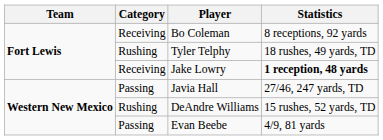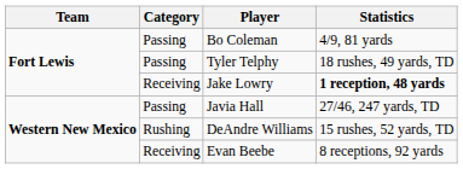 <table class="wikitable" style="float: left;">
 <tr>
 <th>Team</th>
 <th>Category</th>
 <th>Player</th>
 <th>Statistics</th>
 </tr>
 <tr>
 <td rowspan=3><strong>Fort Lewis</strong></td>
-<td>Receiving</td>
+<td>Passing</td>
 <td>Bo Coleman</td>
-<td>8 receptions, 92 yards</td>
+<td>4/9, 81 yards</td>
 </tr>
 <tr>
-<td>Rushing</td>
+<td>Passing</td>
 <td>Tyler Telphy</td>
 <td>18 rushes, 49 yards, TD</td>
 </tr>
 <tr>
 <td>Receiving</td>
 <td>Jake Lowry</td>
 <td><strong>1 reception, 48 yards</strong></td>
 </tr>
 <tr>
 <td rowspan=3><strong>Western New Mexico</strong></td>
 <td>Passing</td>
 <td>Javia Hall</td>
 <td>27/46, 247 yards, TD</td>
 </tr>
 <tr>
 <td>Rushing</td>
 <td>DeAndre Williams</td>
 <td>15 rushes, 52 yards, TD</td>
 </tr>
 <tr>
-<td>Passing</td>
+<td>Receiving</td>
 <td>Evan Beebe</td>
-<td>4/9, 81 yards</td>
+<td>8 receptions, 92 yards</td>
 </tr>
 </table>
